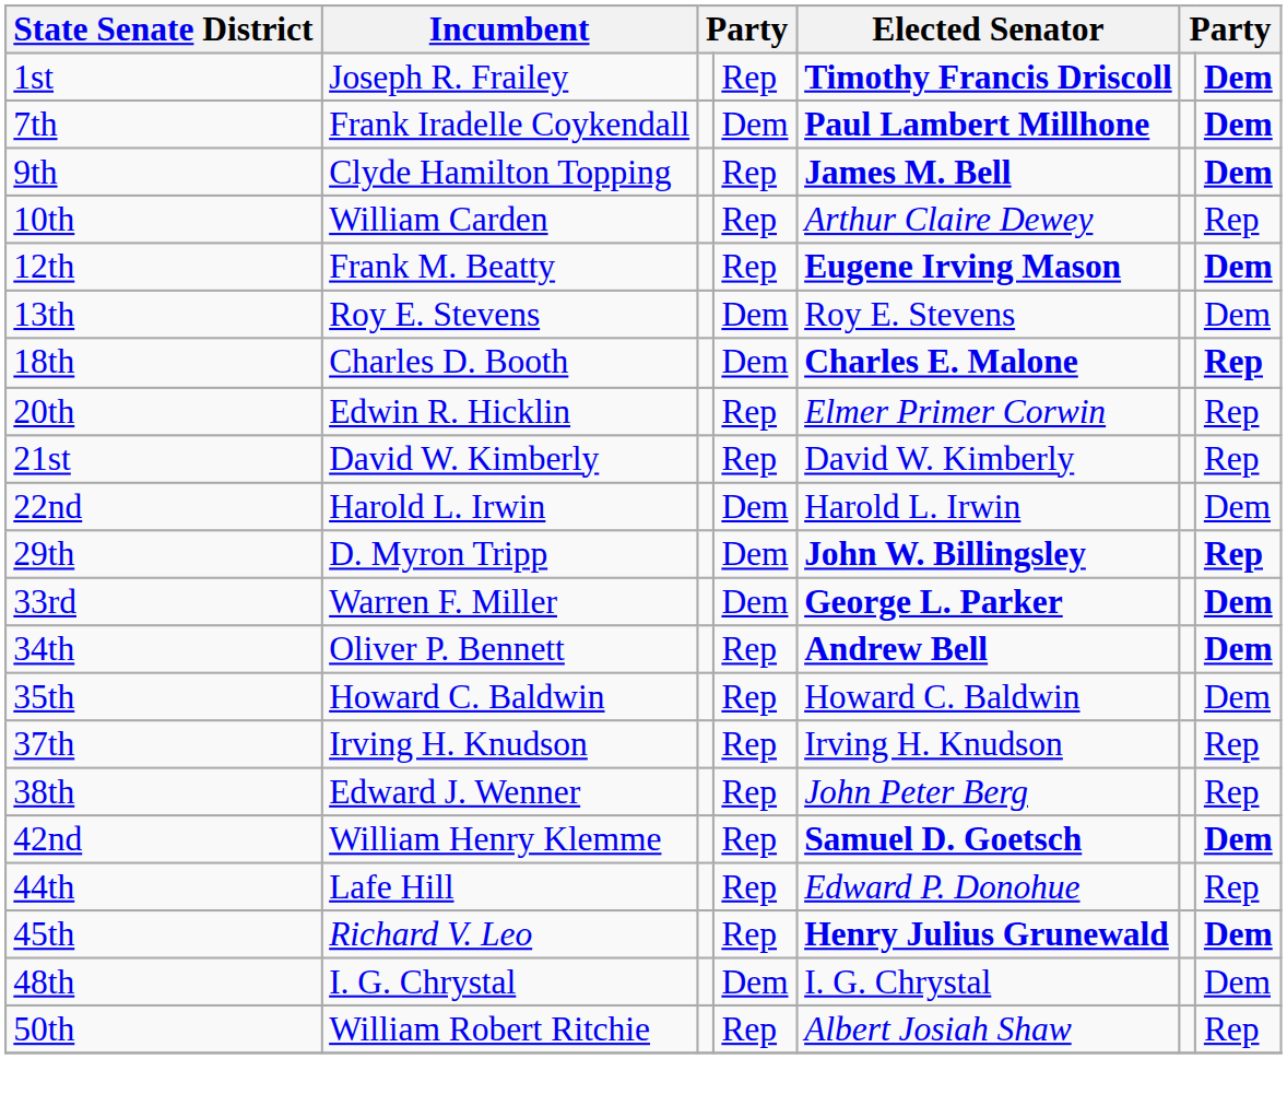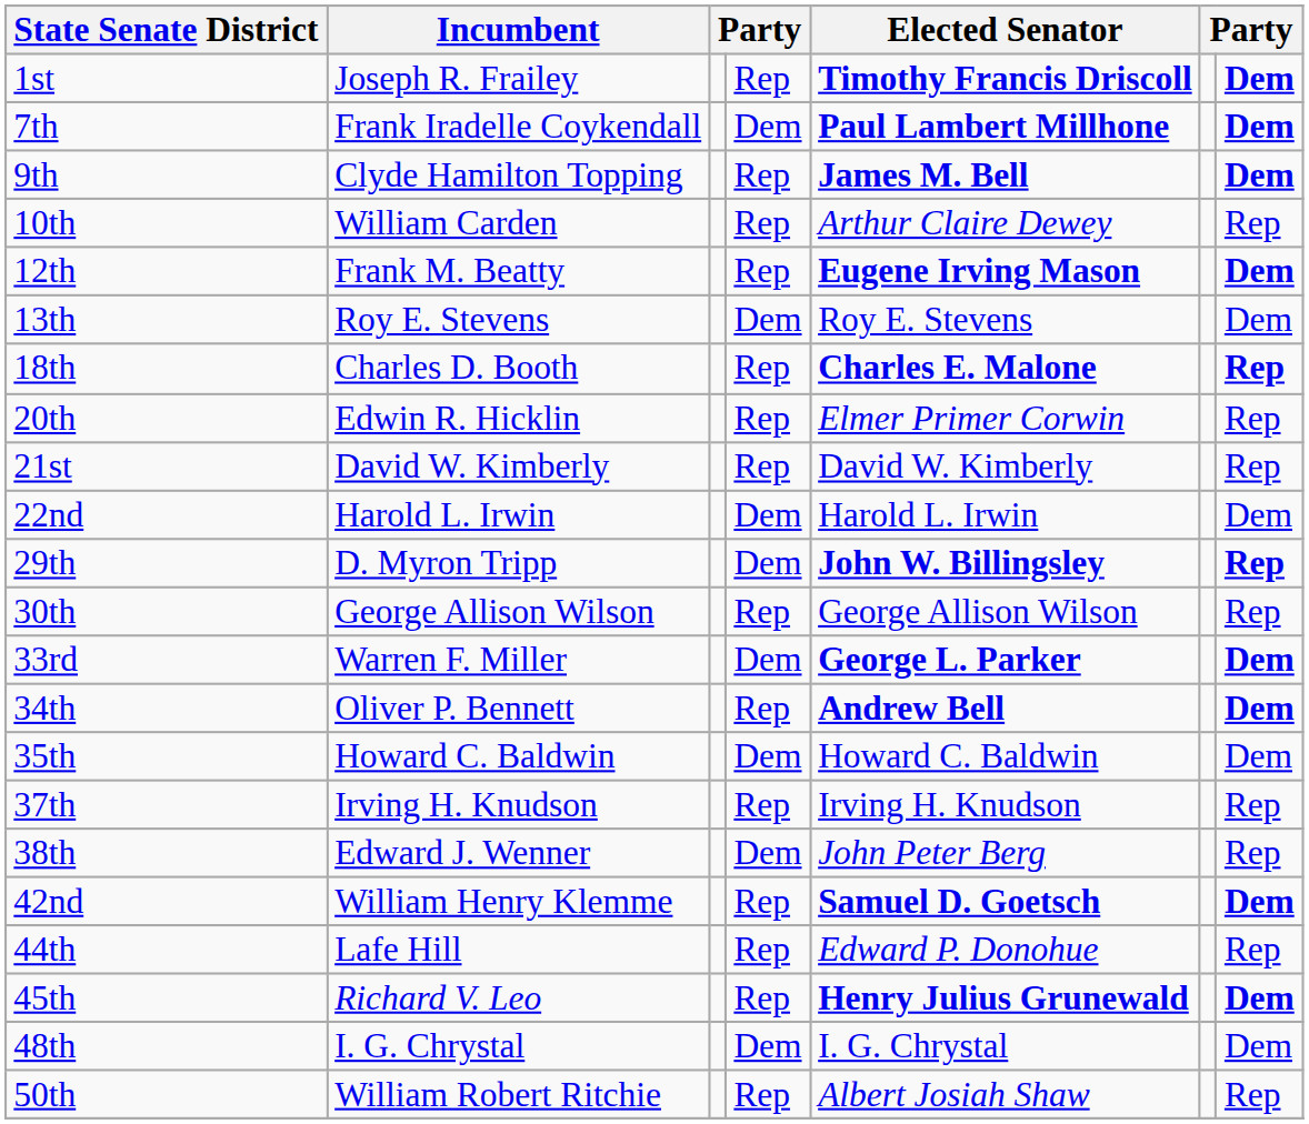 <table class="sortable wikitable" style="font-size:95%;line-height:14px;">
 <tr>
 <th class="unsortable"><a href='#'>State Senate</a> District</th>
 <th class="unsortable"><a href='#'>Incumbent</a></th>
 <th colspan="2">Party</th>
 <th class="unsortable">Elected Senator</th>
 <th colspan="2">Party</th>
 </tr>
 <tr>
 <td><a href='#'>1st</a></td>
 <td><a href='#'>Joseph R. Frailey</a></td>
 <td style="background:"></td>
 <td><a href='#'>Rep</a></td>
 <td><strong><a href='#'>Timothy Francis Driscoll</a></strong></td>
 <td style="background:"></td>
 <td><strong><a href='#'>Dem</a></strong></td>
 </tr>
 <tr>
 <td><a href='#'>7th</a></td>
 <td><a href='#'>Frank Iradelle Coykendall</a></td>
 <td style="background:"></td>
 <td><a href='#'>Dem</a></td>
 <td><strong><a href='#'>Paul Lambert Millhone</a></strong></td>
 <td style="background:"></td>
 <td><strong><a href='#'>Dem</a></strong></td>
 </tr>
 <tr>
 <td><a href='#'>9th</a></td>
 <td><a href='#'>Clyde Hamilton Topping</a></td>
 <td style="background:"></td>
 <td><a href='#'>Rep</a></td>
 <td><strong><a href='#'>James M. Bell</a></strong></td>
 <td style="background:"></td>
 <td><strong><a href='#'>Dem</a></strong></td>
 </tr>
 <tr>
 <td><a href='#'>10th</a></td>
 <td><a href='#'>William Carden</a></td>
 <td style="background:"></td>
 <td><a href='#'>Rep</a></td>
 <td><em><a href='#'>Arthur Claire Dewey</a></em></td>
 <td style="background:"></td>
 <td><a href='#'>Rep</a></td>
 </tr>
 <tr>
 <td><a href='#'>12th</a></td>
 <td><a href='#'>Frank M. Beatty</a></td>
 <td style="background:"></td>
 <td><a href='#'>Rep</a></td>
 <td><strong><a href='#'>Eugene Irving Mason</a></strong></td>
 <td style="background:"></td>
 <td><strong><a href='#'>Dem</a></strong></td>
 </tr>
 <tr>
 <td><a href='#'>13th</a></td>
 <td><a href='#'>Roy E. Stevens</a></td>
 <td style="background:"></td>
 <td><a href='#'>Dem</a></td>
 <td><a href='#'>Roy E. Stevens</a></td>
 <td style="background:"></td>
 <td><a href='#'>Dem</a></td>
 </tr>
 <tr>
 <td><a href='#'>18th</a></td>
 <td><a href='#'>Charles D. Booth</a></td>
 <td style="background:"></td>
-<td><a href='#'>Dem</a></td>
+<td><a href='#'>Rep</a></td>
 <td><strong><a href='#'>Charles E. Malone</a></strong></td>
 <td style="background:"></td>
 <td><strong><a href='#'>Rep</a></strong></td>
 </tr>
 <tr>
 <td><a href='#'>20th</a></td>
 <td><a href='#'>Edwin R. Hicklin</a></td>
 <td style="background:"></td>
 <td><a href='#'>Rep</a></td>
 <td><em><a href='#'>Elmer Primer Corwin</a></em></td>
 <td style="background:"></td>
 <td><a href='#'>Rep</a></td>
 </tr>
 <tr>
 <td><a href='#'>21st</a></td>
 <td><a href='#'>David W. Kimberly</a></td>
 <td style="background:"></td>
 <td><a href='#'>Rep</a></td>
 <td><a href='#'>David W. Kimberly</a></td>
 <td style="background:"></td>
 <td><a href='#'>Rep</a></td>
 </tr>
 <tr>
 <td><a href='#'>22nd</a></td>
 <td><a href='#'>Harold L. Irwin</a></td>
 <td style="background:"></td>
 <td><a href='#'>Dem</a></td>
 <td><a href='#'>Harold L. Irwin</a></td>
 <td style="background:"></td>
 <td><a href='#'>Dem</a></td>
 </tr>
 <tr>
 <td><a href='#'>29th</a></td>
 <td><a href='#'>D. Myron Tripp</a></td>
 <td style="background:"></td>
 <td><a href='#'>Dem</a></td>
 <td><strong><a href='#'>John W. Billingsley</a></strong></td>
 <td style="background:"></td>
 <td><strong><a href='#'>Rep</a></strong></td>
 </tr>
 <tr>
+<td><a href='#'>30th</a></td>
+<td><a href='#'>George Allison Wilson</a></td>
+<td style="background:"></td>
+<td><a href='#'>Rep</a></td>
+<td><a href='#'>George Allison Wilson</a></td>
+<td style="background:"></td>
+<td><a href='#'>Rep</a></td>
+</tr>
+<tr>
 <td><a href='#'>33rd</a></td>
 <td><a href='#'>Warren F. Miller</a></td>
 <td style="background:"></td>
 <td><a href='#'>Dem</a></td>
 <td><strong><a href='#'>George L. Parker</a></strong></td>
 <td style="background:"></td>
 <td><strong><a href='#'>Dem</a></strong></td>
 </tr>
 <tr>
 <td><a href='#'>34th</a></td>
 <td><a href='#'>Oliver P. Bennett</a></td>
 <td style="background:"></td>
 <td><a href='#'>Rep</a></td>
 <td><strong><a href='#'>Andrew Bell</a></strong></td>
 <td style="background:"></td>
 <td><strong><a href='#'>Dem</a></strong></td>
 </tr>
 <tr>
 <td><a href='#'>35th</a></td>
 <td><a href='#'>Howard C. Baldwin</a></td>
 <td style="background:"></td>
-<td><a href='#'>Rep</a></td>
+<td><a href='#'>Dem</a></td>
 <td><a href='#'>Howard C. Baldwin</a></td>
 <td style="background:"></td>
 <td><a href='#'>Dem</a></td>
 </tr>
 <tr>
 <td><a href='#'>37th</a></td>
 <td><a href='#'>Irving H. Knudson</a></td>
 <td style="background:"></td>
 <td><a href='#'>Rep</a></td>
 <td><a href='#'>Irving H. Knudson</a></td>
 <td style="background:"></td>
 <td><a href='#'>Rep</a></td>
 </tr>
 <tr>
 <td><a href='#'>38th</a></td>
 <td><a href='#'>Edward J. Wenner</a></td>
 <td style="background:"></td>
-<td><a href='#'>Rep</a></td>
+<td><a href='#'>Dem</a></td>
 <td><em><a href='#'>John Peter Berg</a></em></td>
 <td style="background:"></td>
 <td><a href='#'>Rep</a></td>
 </tr>
 <tr>
 <td><a href='#'>42nd</a></td>
 <td><a href='#'>William Henry Klemme</a></td>
 <td style="background:"></td>
 <td><a href='#'>Rep</a></td>
 <td><strong><a href='#'>Samuel D. Goetsch</a></strong></td>
 <td style="background:"></td>
 <td><strong><a href='#'>Dem</a></strong></td>
 </tr>
 <tr>
 <td><a href='#'>44th</a></td>
 <td><a href='#'>Lafe Hill</a></td>
 <td style="background:"></td>
 <td><a href='#'>Rep</a></td>
 <td><em><a href='#'>Edward P. Donohue</a></em></td>
 <td style="background:"></td>
 <td><a href='#'>Rep</a></td>
 </tr>
 <tr>
 <td><a href='#'>45th</a></td>
 <td><em><a href='#'>Richard V. Leo</a></em></td>
 <td style="background:"></td>
 <td><a href='#'>Rep</a></td>
 <td><strong><a href='#'>Henry Julius Grunewald</a></strong></td>
 <td style="background:"></td>
 <td><strong><a href='#'>Dem</a></strong></td>
 </tr>
 <tr>
 <td><a href='#'>48th</a></td>
 <td><a href='#'>I. G. Chrystal</a></td>
 <td style="background:"></td>
 <td><a href='#'>Dem</a></td>
 <td><a href='#'>I. G. Chrystal</a></td>
 <td style="background:"></td>
 <td><a href='#'>Dem</a></td>
 </tr>
 <tr>
 <td><a href='#'>50th</a></td>
 <td><a href='#'>William Robert Ritchie</a></td>
 <td style="background:"></td>
 <td><a href='#'>Rep</a></td>
 <td><em><a href='#'>Albert Josiah Shaw</a></em></td>
 <td style="background:"></td>
 <td><a href='#'>Rep</a></td>
 </tr>
 <tr>
 </tr>
 </table>
